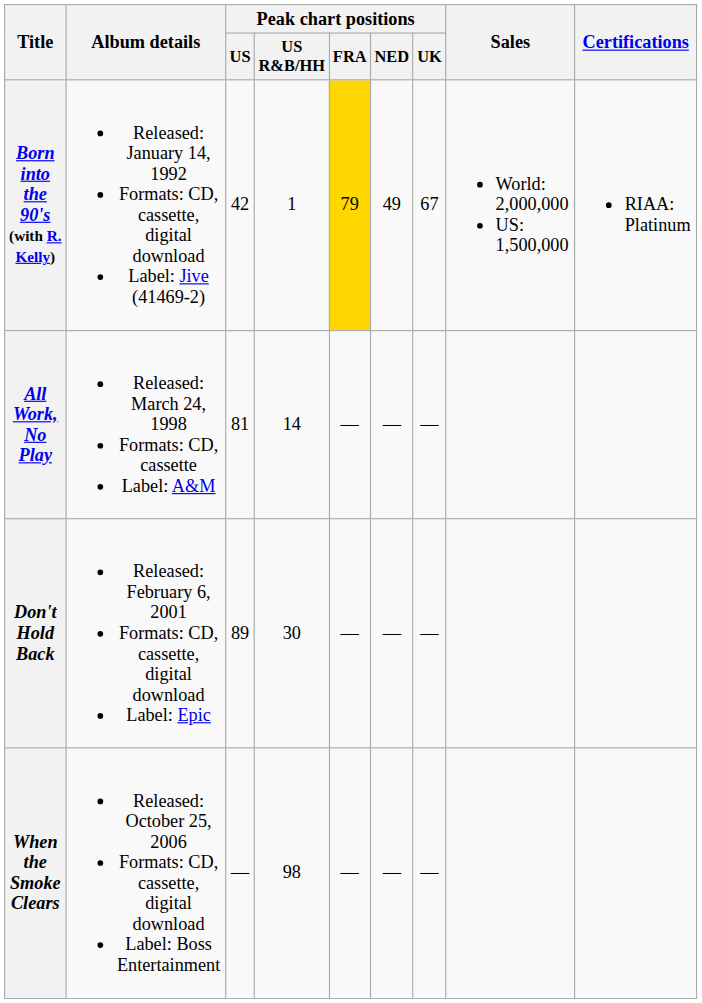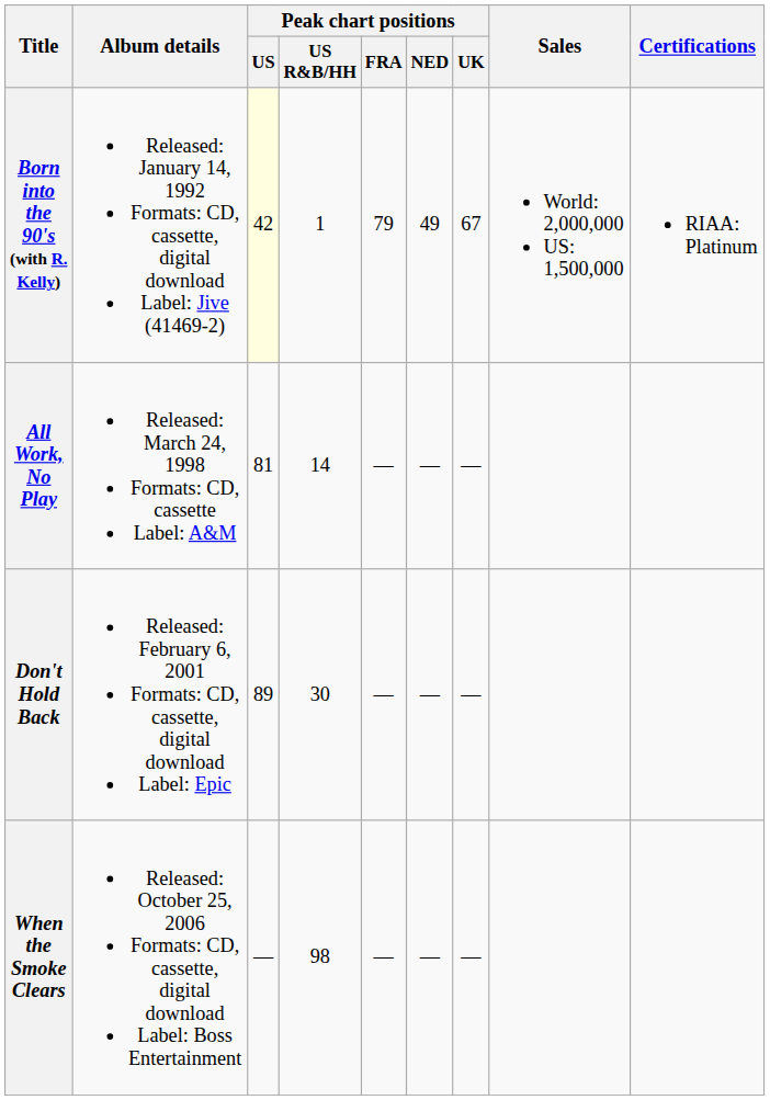 <table class="wikitable plainrowheaders" style="text-align:center;">
 <tr>
 <th scope="col" rowspan="2" style="width:11em;">Title</th>
 <th scope="col" rowspan="2" style="width:16em;">Album details</th>
 <th scope="col" colspan="5">Peak chart positions</th>
 <th scope="col" rowspan="2" style="width:14em;">Sales</th>
 <th scope="col" rowspan="2" style="width:12em;"><a href='#'>Certifications</a></th>
 </tr>
 <tr>
 <th scope="col" style="width:3em;font-size:90%;">US<br></th>
 <th scope="col" style="width:3em;font-size:90%;">US<br>R&B/HH<br></th>
 <th scope="col" style="width:3em;font-size:90%;">FRA<br></th>
 <th scope="col" style="width:3em;font-size:90%;">NED<br></th>
 <th scope="col" style="width:3em;font-size:90%;">UK<br></th>
 </tr>
 <tr>
 <th scope="row"><em><a href='#'>Born into the 90's</a></em> <small>(with <a href='#'>R. Kelly</a>)</small></th>
 <td><br><ul><li>Released: January 14, 1992</li><li>Formats: CD, cassette, digital download</li><li>Label: <a href='#'>Jive</a> (41469-2)</li></ul></td>
-<td style="text-align:center;">42</td>
+<td style="background: lightyellow; text-align:center;">42</td>
 <td style="text-align:center;">1</td>
-<td style="background: gold; text-align:center;">79</td>
+<td style="text-align:center;">79</td>
 <td style="text-align:center;">49</td>
 <td style="text-align:center;">67</td>
 <td align="left"><br><ul><li>World: 2,000,000</li><li>US: 1,500,000</li></ul></td>
 <td align="left"><br><ul><li>RIAA: Platinum</li></ul></td>
 </tr>
 <tr>
 <th scope="row"><em><a href='#'>All Work, No Play</a></em></th>
 <td><br><ul><li>Released: March 24, 1998</li><li>Formats: CD, cassette</li><li>Label: <a href='#'>A&M</a></li></ul></td>
 <td style="text-align:center;">81</td>
 <td style="text-align:center;">14</td>
 <td style="text-align:center;">—</td>
 <td style="text-align:center;">—</td>
 <td style="text-align:center;">—</td>
 <td align="left"></td>
 <td align="left"></td>
 </tr>
 <tr>
 <th scope="row"><em>Don't Hold Back</em></th>
 <td><br><ul><li>Released:  February 6, 2001</li><li>Formats: CD, cassette, digital download</li><li>Label: <a href='#'>Epic</a></li></ul></td>
 <td style="text-align:center;">89</td>
 <td style="text-align:center;">30</td>
 <td style="text-align:center;">—</td>
 <td style="text-align:center;">—</td>
 <td style="text-align:center;">—</td>
 <td align="left"></td>
 <td align="left"></td>
 </tr>
 <tr>
 <th scope="row"><em>When the Smoke Clears</em></th>
 <td><br><ul><li>Released: October 25, 2006</li><li>Formats: CD, cassette, digital download</li><li>Label: Boss Entertainment</li></ul></td>
 <td style="text-align:center;">—</td>
 <td style="text-align:center;">98</td>
 <td style="text-align:center;">—</td>
 <td style="text-align:center;">—</td>
 <td style="text-align:center;">—</td>
 <td align="left"></td>
 <td align="left"></td>
 </tr>
 </table>
